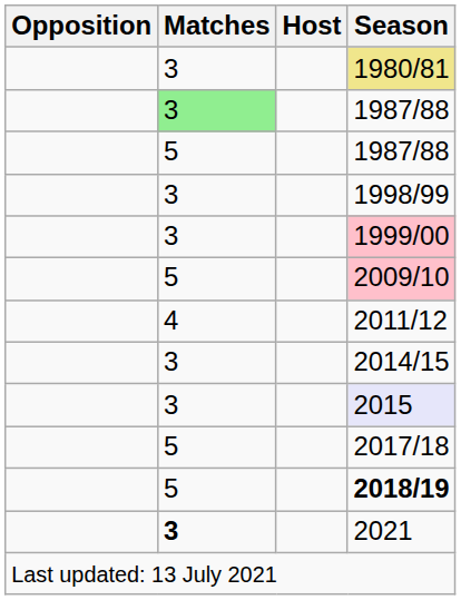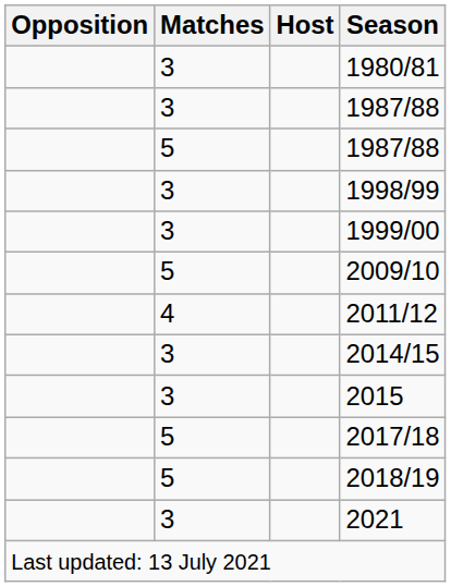 <table class="wikitable plainrowheaders sortable">
 <tr>
 <th scope=col>Opposition</th>
 <th scope=col style="text-align:center">Matches</th>
 <th scope=col>Host</th>
 <th scope=col style="text-align:center">Season</th>
 </tr>
 <tr>
 <td></td>
 <td>3</td>
 <td></td>
-<td style="background: khaki;">1980/81</td>
+<td>1980/81</td>
 </tr>
 <tr>
 <td></td>
-<td style="background: lightgreen;">3</td>
+<td>3</td>
 <td></td>
 <td>1987/88</td>
 </tr>
 <tr>
 <td></td>
 <td>5</td>
 <td></td>
 <td>1987/88</td>
 </tr>
 <tr>
 <td></td>
 <td>3</td>
 <td></td>
 <td>1998/99</td>
 </tr>
 <tr>
 <td></td>
 <td>3</td>
 <td></td>
-<td style="background: pink;">1999/00</td>
+<td>1999/00</td>
 </tr>
 <tr>
 <td></td>
 <td>5</td>
 <td></td>
-<td style="background: pink;">2009/10</td>
+<td>2009/10</td>
 </tr>
 <tr>
 <td></td>
 <td>4</td>
 <td></td>
 <td>2011/12</td>
 </tr>
 <tr>
 <td></td>
 <td>3</td>
 <td></td>
 <td>2014/15</td>
 </tr>
 <tr>
 <td></td>
 <td>3</td>
 <td></td>
-<td style="background: lavender;">2015</td>
+<td>2015</td>
 </tr>
 <tr>
 <td></td>
 <td>5</td>
 <td></td>
 <td>2017/18</td>
 </tr>
 <tr>
 <td></td>
 <td>5</td>
 <td></td>
-<td><strong>2018/19</strong></td>
+<td>2018/19</td>
 </tr>
 <tr>
 <td></td>
-<td><strong>3</strong></td>
+<td>3</td>
 <td></td>
 <td>2021</td>
 </tr>
 <tr class=sortbottom>
 <td colspan=5><small>Last updated: 13 July 2021</small></td>
 </tr>
 </table>
